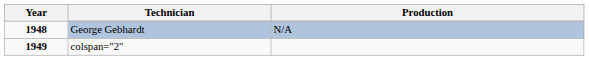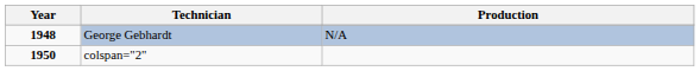 <table class="wikitable" style="width:98%;">
 <tr style="background:#bebebe;">
 <th style="width:11%;">Year</th>
 <th style="width:35%;">Technician</th>
 <th style="width:54%;">Production</th>
 </tr>
 <tr>
 <td rowspan="2" align="center"><strong>1948</strong><br></td>
 </tr>
 <tr style="background:#B0C4DE">
 <td>George Gebhardt</td>
 <td>N/A</td>
 </tr>
 <tr>
-<td align="center"><strong>1949</strong><br></td>
+<td align="center"><strong>1950</strong><br></td>
 <td>colspan="2" </td>
 </tr>
 </table>
